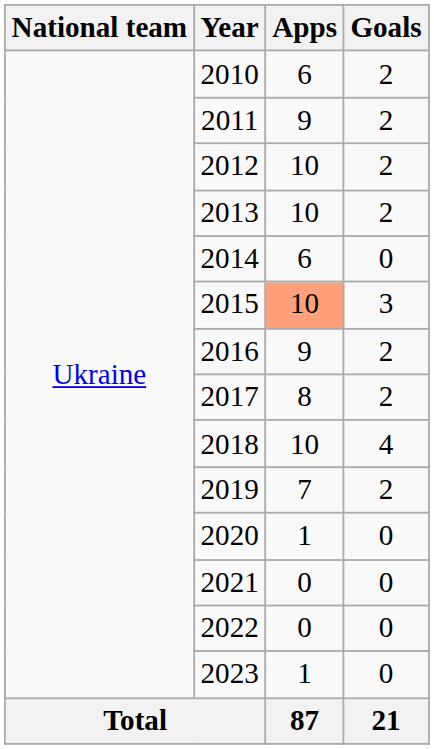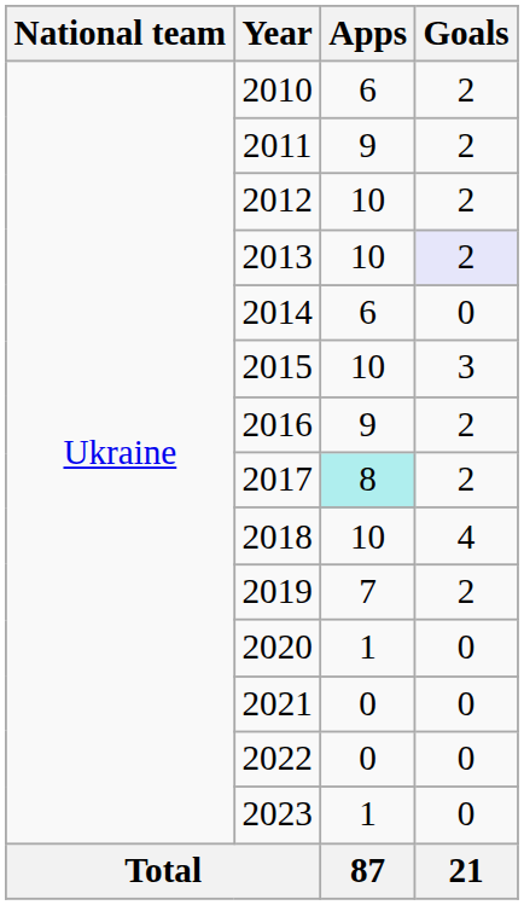 <table class="wikitable" style="text-align:center">
 <tr>
 <th>National team</th>
 <th>Year</th>
 <th>Apps</th>
 <th>Goals</th>
 </tr>
 <tr>
 <td rowspan="14"><a href='#'>Ukraine</a></td>
 <td>2010</td>
 <td>6</td>
 <td>2</td>
 </tr>
 <tr>
 <td>2011</td>
 <td>9</td>
 <td>2</td>
 </tr>
 <tr>
 <td>2012</td>
 <td>10</td>
 <td>2</td>
 </tr>
 <tr>
 <td>2013</td>
 <td>10</td>
-<td>2</td>
+<td style="background: lavender;">2</td>
 </tr>
 <tr>
 <td>2014</td>
 <td>6</td>
 <td>0</td>
 </tr>
 <tr>
 <td>2015</td>
-<td style="background: lightsalmon;">10</td>
+<td>10</td>
 <td>3</td>
 </tr>
 <tr>
 <td>2016</td>
 <td>9</td>
 <td>2</td>
 </tr>
 <tr>
 <td>2017</td>
-<td>8</td>
+<td style="background: paleturquoise;">8</td>
 <td>2</td>
 </tr>
 <tr>
 <td>2018</td>
 <td>10</td>
 <td>4</td>
 </tr>
 <tr>
 <td>2019</td>
 <td>7</td>
 <td>2</td>
 </tr>
 <tr>
 <td>2020</td>
 <td>1</td>
 <td>0</td>
 </tr>
 <tr>
 <td>2021</td>
 <td>0</td>
 <td>0</td>
 </tr>
 <tr>
 <td>2022</td>
 <td>0</td>
 <td>0</td>
 </tr>
 <tr>
 <td>2023</td>
 <td>1</td>
 <td>0</td>
 </tr>
 <tr>
 <th colspan="2">Total</th>
 <th>87</th>
 <th>21</th>
 </tr>
 </table>
